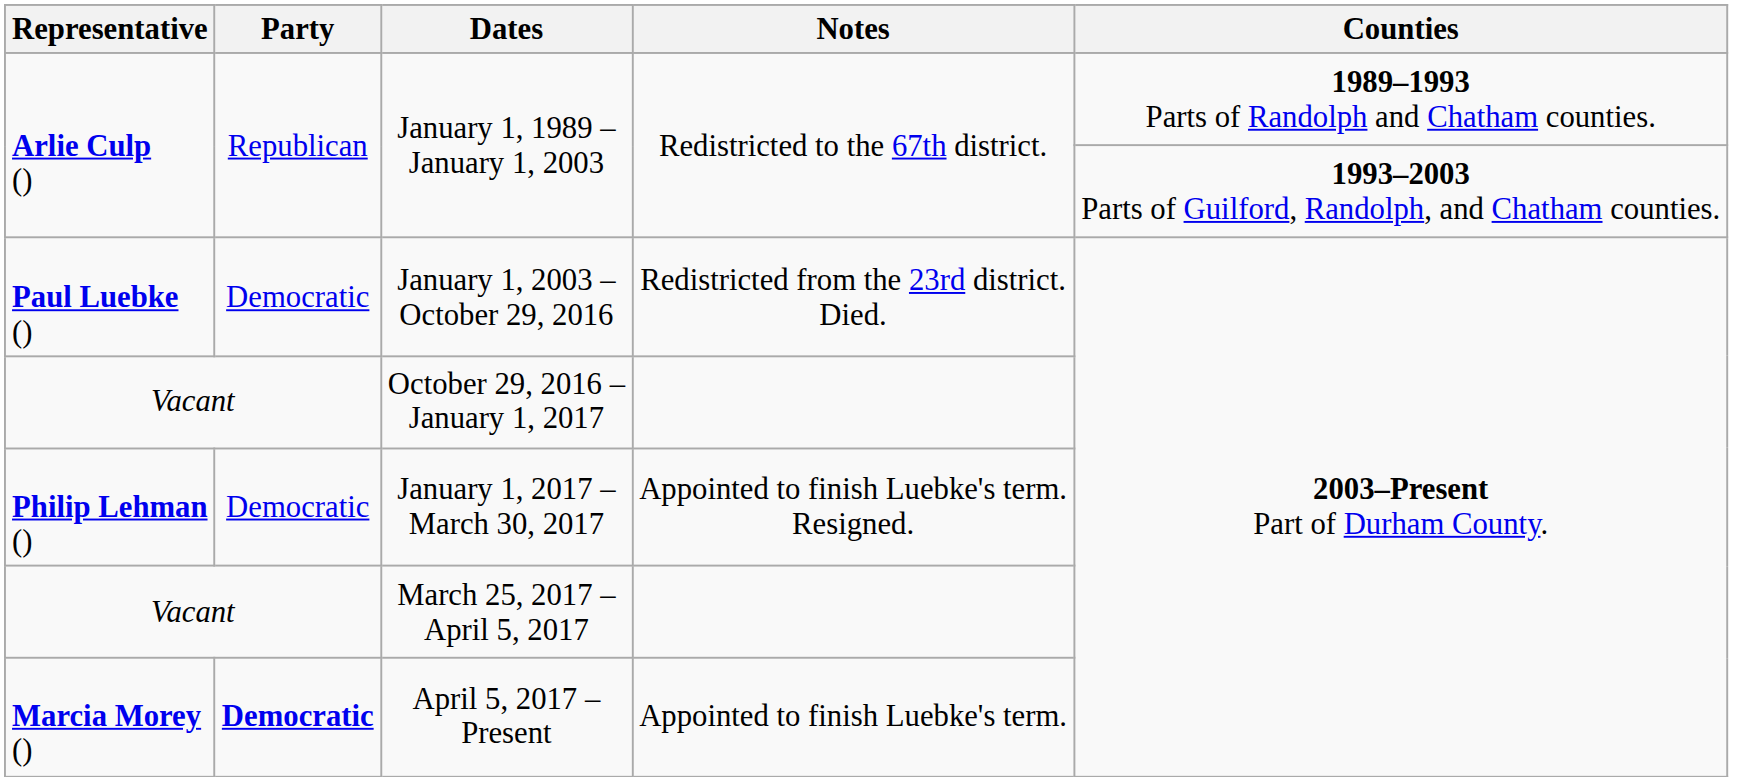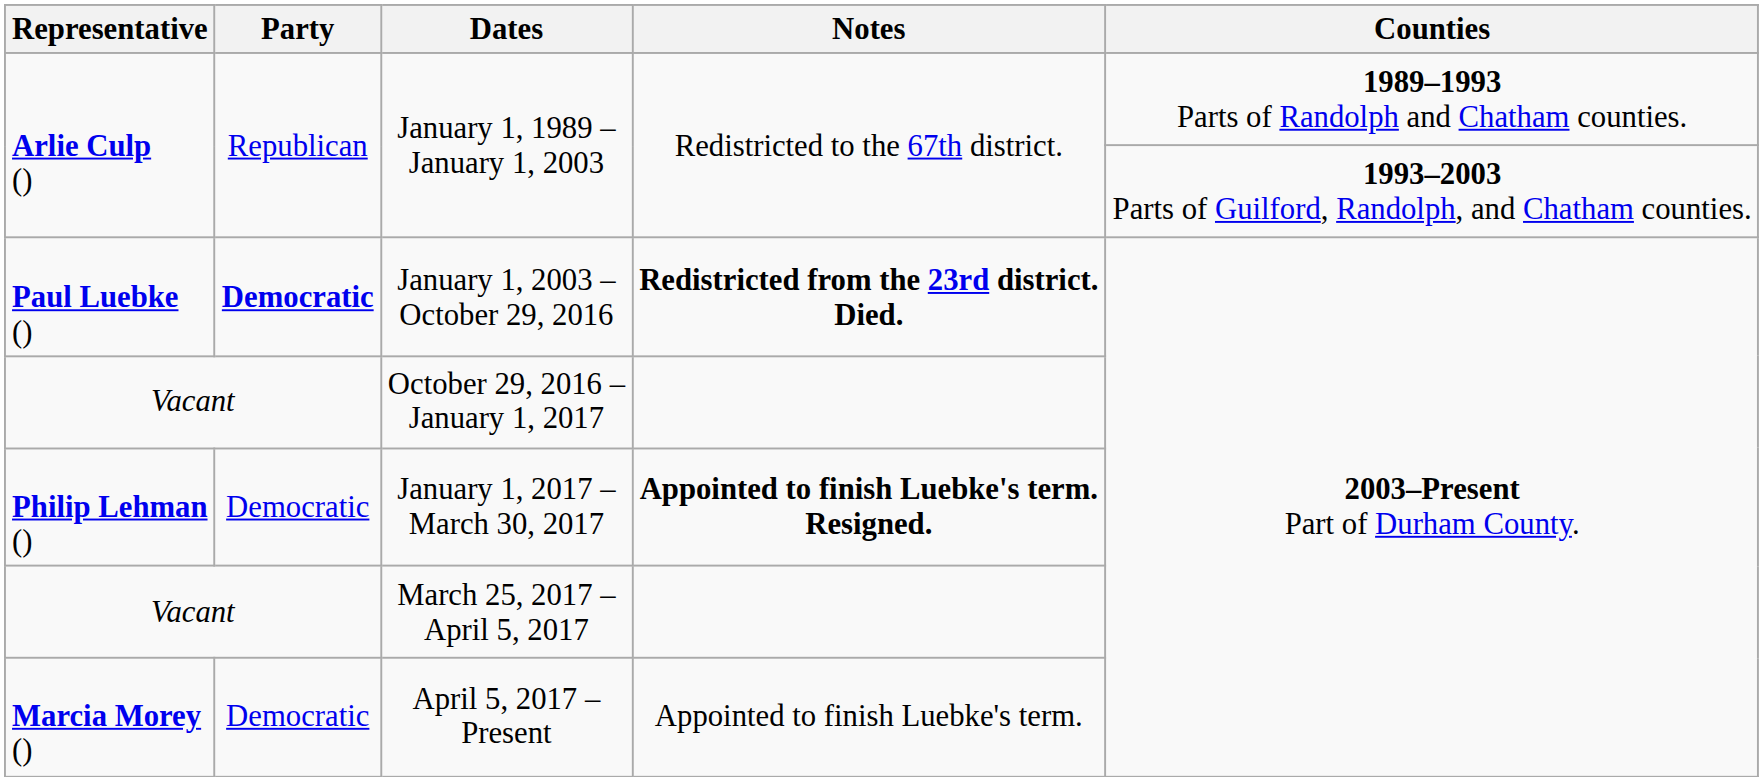 <table class=wikitable style="text-align:center">
 <tr>
 <th>Representative</th>
 <th>Party</th>
 <th>Dates</th>
 <th>Notes</th>
 <th>Counties</th>
 </tr>
 <tr style="height:3em">
 <td rowspan=2 align=left><br><strong><a href='#'>Arlie Culp</a></strong><br>()</td>
 <td rowspan=2 ><a href='#'>Republican</a></td>
 <td rowspan=2 nowrap>January 1, 1989 – <br> January 1, 2003</td>
 <td rowspan=2>Redistricted to the <a href='#'>67th</a> district.</td>
 <td><strong>1989–1993</strong> <br> Parts of <a href='#'>Randolph</a> and <a href='#'>Chatham</a> counties.</td>
 </tr>
 <tr style="height:3em">
 <td><strong>1993–2003</strong> <br> Parts of <a href='#'>Guilford</a>, <a href='#'>Randolph</a>, and <a href='#'>Chatham</a> counties.</td>
 </tr>
 <tr style="height:3em">
 <td align=left><br><strong><a href='#'>Paul Luebke</a></strong><br>()</td>
-<td><a href='#'>Democratic</a></td>
+<td><strong><a href='#'>Democratic</a></strong></td>
 <td nowrap>January 1, 2003 – <br> October 29, 2016</td>
-<td>Redistricted from the <a href='#'>23rd</a> district. <br> Died.</td>
+<td><strong>Redistricted from the <a href='#'>23rd</a> district. <br> Died.</strong></td>
 <td rowspan=5><strong>2003–Present</strong> <br> Part of <a href='#'>Durham County</a>.</td>
 </tr>
 <tr style="height:3em">
 <td colspan=2><em>Vacant</em></td>
 <td nowrap>October 29, 2016 – <br> January 1, 2017</td>
 </tr>
 <tr style="height:3em">
 <td align=left><br><strong><a href='#'>Philip Lehman</a></strong><br>()</td>
 <td><a href='#'>Democratic</a></td>
 <td nowrap>January 1, 2017 – <br> March 30, 2017</td>
-<td>Appointed to finish Luebke's term. <br> Resigned.</td>
+<td><strong>Appointed to finish Luebke's term. <br> Resigned.</strong></td>
 </tr>
 <tr style="height:3em">
 <td colspan=2><em>Vacant</em></td>
 <td nowrap>March 25, 2017 – <br> April 5, 2017</td>
 </tr>
 <tr style="height:3em">
 <td align=left><br><strong><a href='#'>Marcia Morey</a></strong><br>()</td>
-<td><strong><a href='#'>Democratic</a></strong></td>
+<td><a href='#'>Democratic</a></td>
 <td nowrap>April 5, 2017 – <br> Present</td>
 <td>Appointed to finish Luebke's term.</td>
 </tr>
 </table>
